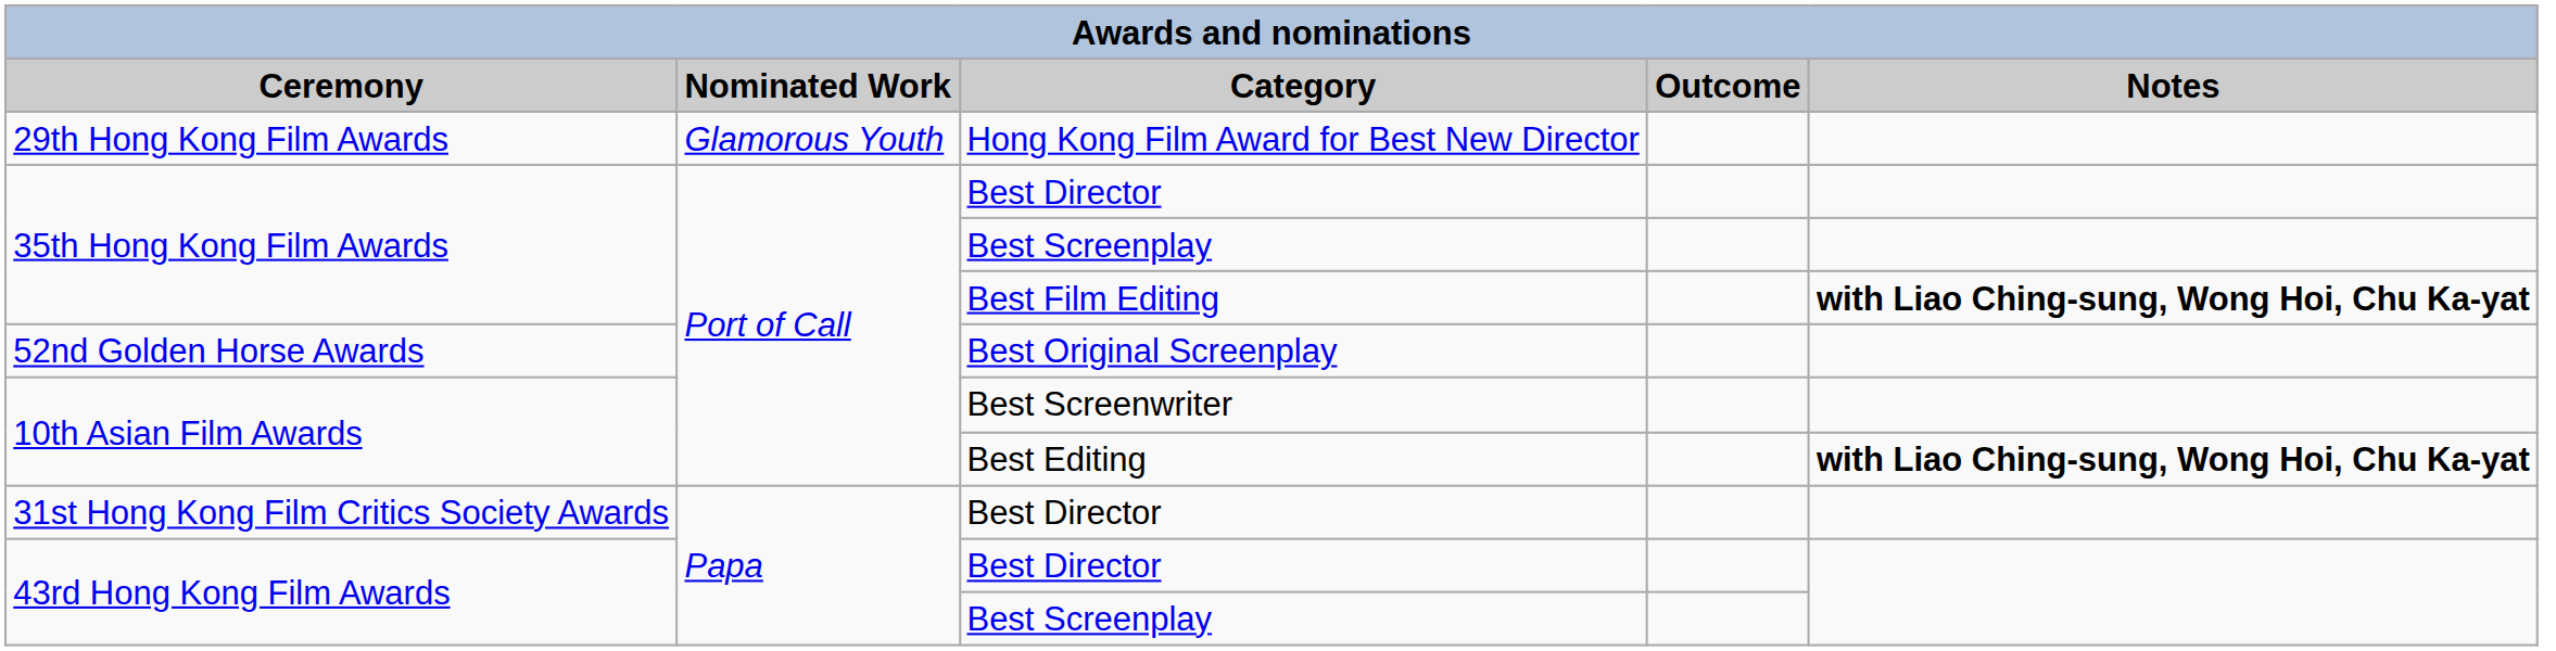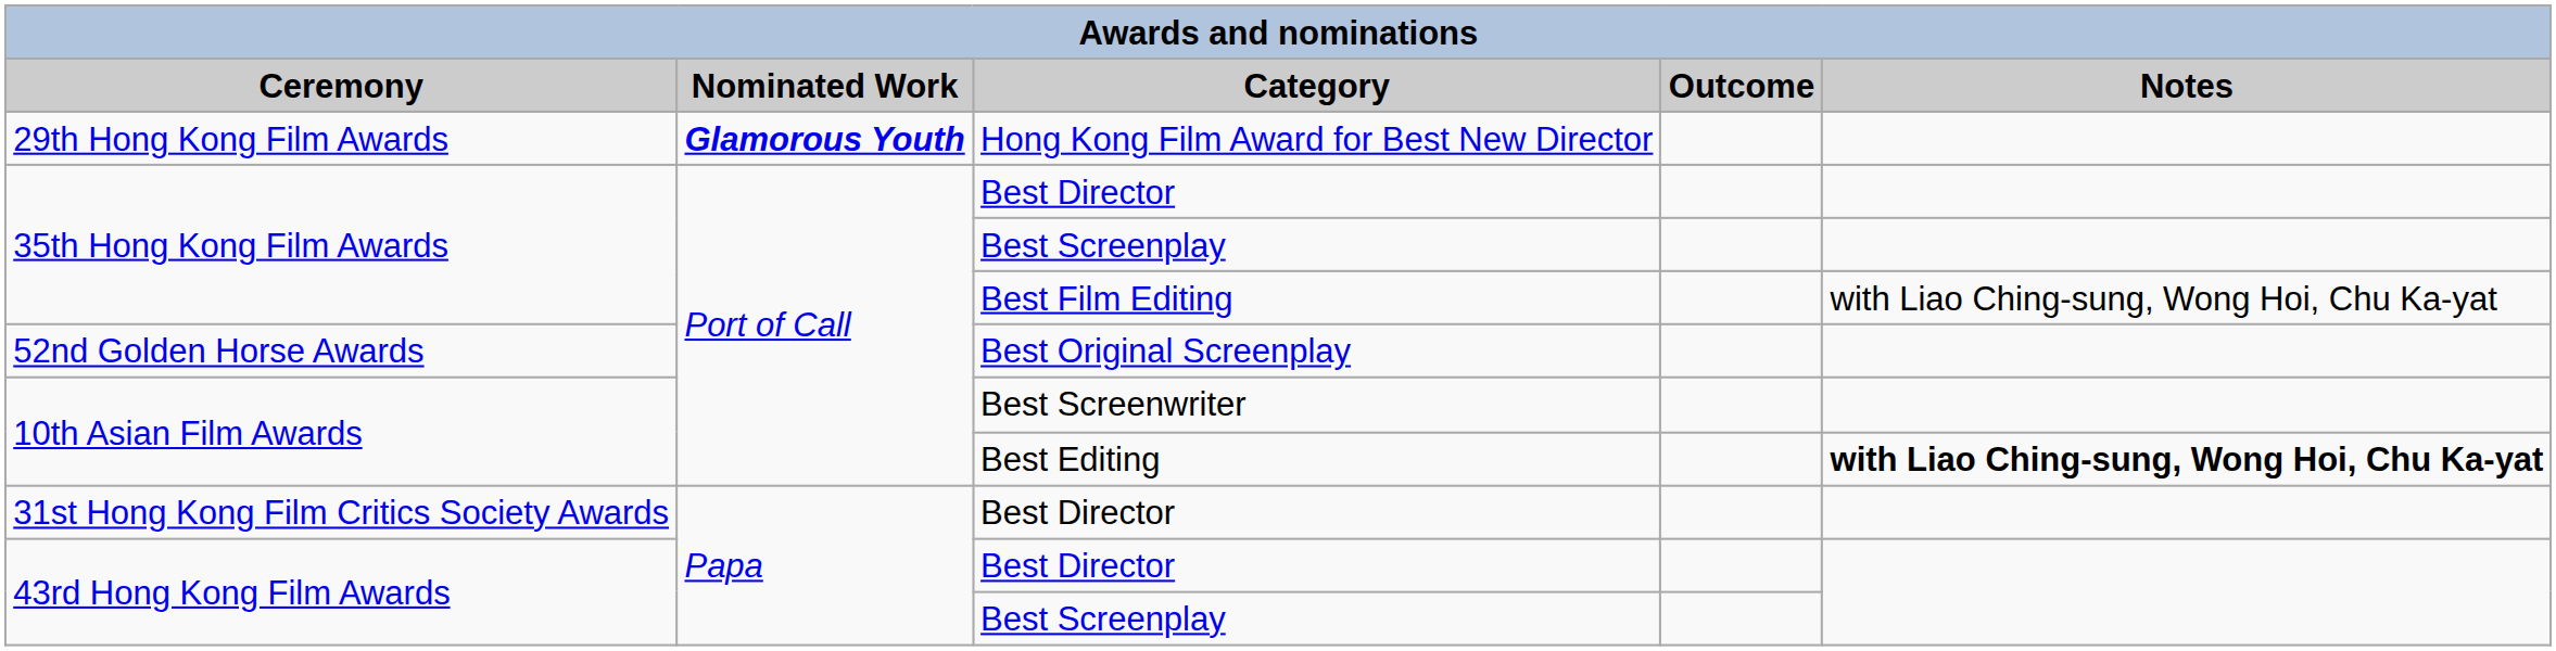 <table class="wikitable" style="font-size:95%;">
 <tr>
 <th colspan="5" style="background: LightSteelBlue;">Awards and nominations</th>
 </tr>
 <tr style="background:#ccc; text-align:center;">
 <th style="background:#ccc">Ceremony</th>
 <th style="background:#ccc">Nominated Work</th>
 <th style="background:#ccc">Category</th>
 <th style="background:#ccc">Outcome</th>
 <th style="background:#ccc">Notes</th>
 </tr>
 <tr>
 <td><a href='#'>29th Hong Kong Film Awards</a></td>
-<td><em><a href='#'>Glamorous Youth</a></em></td>
+<td><strong><em><a href='#'>Glamorous Youth</a></em></strong></td>
 <td><a href='#'>Hong Kong Film Award for Best New Director</a></td>
 <td></td>
 </tr>
 <tr>
 <td rowspan="3"><a href='#'>35th Hong Kong Film Awards</a></td>
 <td rowspan="6"><a href='#'><em>Port of Call</em></a></td>
 <td><a href='#'>Best Director</a></td>
 <td></td>
 <td></td>
 </tr>
 <tr>
 <td><a href='#'>Best Screenplay</a></td>
 <td></td>
 <td></td>
 </tr>
 <tr>
 <td><a href='#'>Best Film Editing</a></td>
 <td></td>
-<td><strong>with Liao Ching-sung, Wong Hoi, Chu Ka-yat</strong></td>
+<td>with Liao Ching-sung, Wong Hoi, Chu Ka-yat</td>
 </tr>
 <tr>
 <td><a href='#'>52nd Golden Horse Awards</a></td>
 <td><a href='#'>Best Original Screenplay</a></td>
 <td></td>
 <td></td>
 </tr>
 <tr>
 <td rowspan="2"><a href='#'>10th Asian Film Awards</a></td>
 <td Best Screenplay>Best Screenwriter</td>
 <td></td>
 <td></td>
 </tr>
 <tr>
 <td Best Editing>Best Editing</td>
 <td></td>
 <td><strong>with Liao Ching-sung, Wong Hoi, Chu Ka-yat</strong></td>
 </tr>
 <tr>
 <td><a href='#'>31st Hong Kong Film Critics Society Awards</a></td>
 <td rowspan="3"><em><a href='#'>Papa</a></em></td>
 <td>Best Director</td>
 <td></td>
 <td></td>
 </tr>
 <tr>
 <td rowspan="2"><a href='#'>43rd Hong Kong Film Awards</a></td>
 <td><a href='#'>Best Director</a></td>
 <td></td>
 <td rowspan="2"></td>
 </tr>
 <tr>
 <td><a href='#'>Best Screenplay</a></td>
 <td></td>
 </tr>
 </table>
